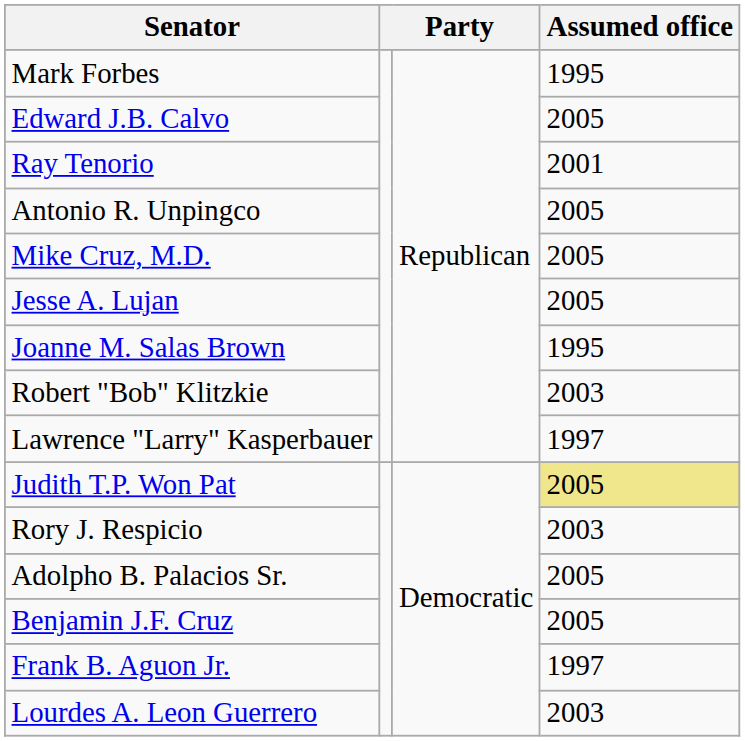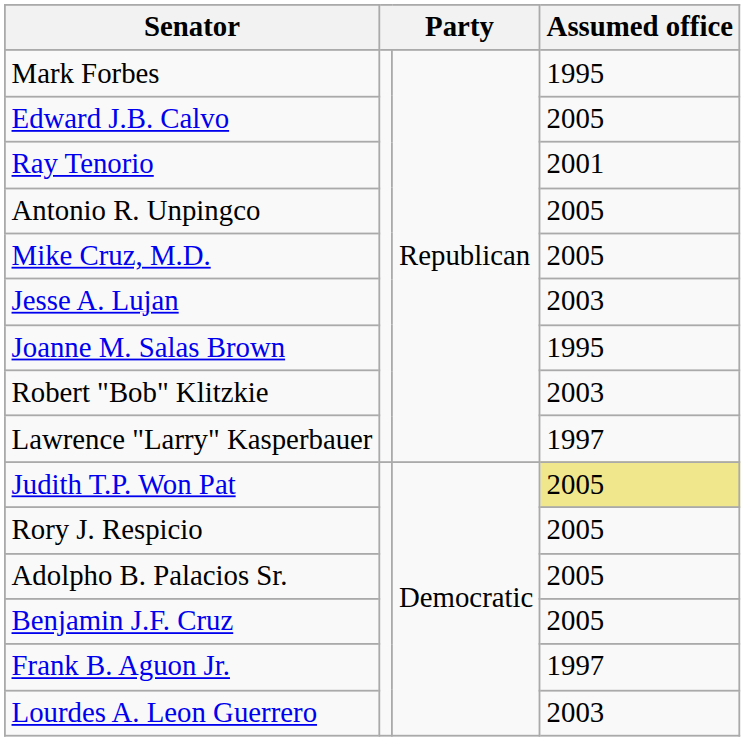 <table class="wikitable sortable" id="votingmembers">
 <tr style="vertical-align:bottom;">
 <th>Senator</th>
 <th colspan=2>Party</th>
 <th>Assumed office</th>
 </tr>
 <tr>
 <td>Mark Forbes</td>
 <td rowspan="9" style="background-color:"></td>
 <td rowspan="9">Republican</td>
 <td>1995</td>
 </tr>
 <tr>
 <td><a href='#'>Edward J.B. Calvo</a></td>
 <td>2005</td>
 </tr>
 <tr>
 <td><a href='#'>Ray Tenorio</a></td>
 <td>2001</td>
 </tr>
 <tr>
 <td>Antonio R. Unpingco</td>
 <td>2005</td>
 </tr>
 <tr>
 <td><a href='#'>Mike Cruz, M.D.</a></td>
 <td>2005</td>
 </tr>
 <tr>
 <td><a href='#'>Jesse A. Lujan</a></td>
-<td>2005</td>
+<td>2003</td>
 </tr>
 <tr>
 <td><a href='#'>Joanne M. Salas Brown</a></td>
 <td>1995</td>
 </tr>
 <tr>
 <td>Robert "Bob" Klitzkie</td>
 <td>2003</td>
 </tr>
 <tr>
 <td>Lawrence "Larry" Kasperbauer</td>
 <td>1997</td>
 </tr>
 <tr>
 <td><a href='#'>Judith T.P. Won Pat</a></td>
 <td rowspan="8" style="background-color:"></td>
 <td rowspan="8">Democratic</td>
 <td style="background: khaki;">2005</td>
 </tr>
 <tr>
 <td>Rory J. Respicio</td>
-<td>2003</td>
+<td>2005</td>
 </tr>
 <tr>
 <td>Adolpho B. Palacios Sr.</td>
 <td>2005</td>
 </tr>
 <tr>
 <td><a href='#'>Benjamin J.F. Cruz</a></td>
 <td>2005</td>
 </tr>
 <tr>
 <td><a href='#'>Frank B. Aguon Jr.</a></td>
 <td>1997</td>
 </tr>
 <tr>
 <td><a href='#'>Lourdes A. Leon Guerrero</a></td>
 <td>2003</td>
 </tr>
 </table>
